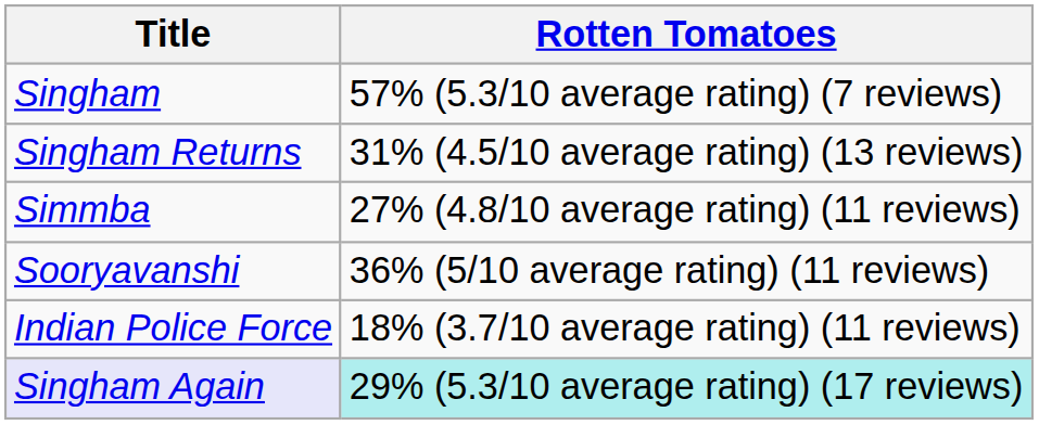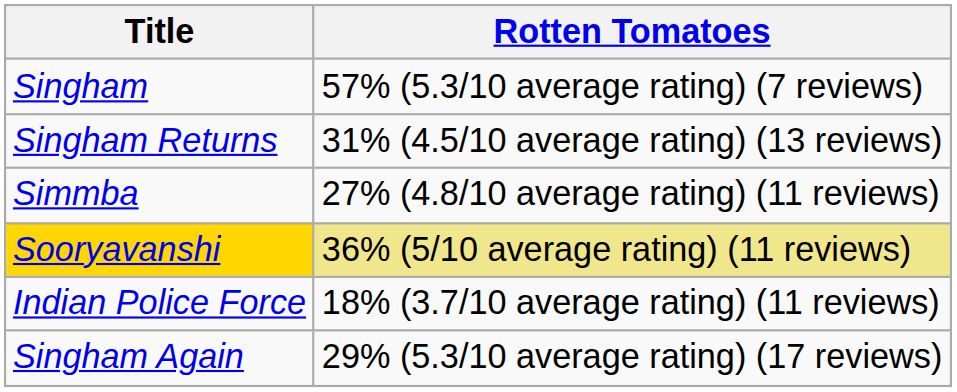 <table class="wikitable sortable">
 <tr>
 <th>Title</th>
 <th><a href='#'>Rotten Tomatoes</a></th>
 </tr>
 <tr>
 <td><em><a href='#'>Singham</a></em></td>
 <td>57% (5.3/10 average rating) (7 reviews)</td>
 </tr>
 <tr>
 <td><em><a href='#'>Singham Returns</a></em></td>
 <td>31% (4.5/10 average rating) (13 reviews)</td>
 </tr>
 <tr>
 <td><em><a href='#'>Simmba</a></em></td>
 <td>27% (4.8/10 average rating) (11 reviews)</td>
 </tr>
 <tr>
-<td><em><a href='#'>Sooryavanshi</a></em></td>
-<td>36% (5/10 average rating) (11 reviews)</td>
+<td style="background: gold;"><em><a href='#'>Sooryavanshi</a></em></td>
+<td style="background: khaki;">36% (5/10 average rating) (11 reviews)</td>
 </tr>
 <tr>
 <td><em><a href='#'>Indian Police Force</a></em></td>
 <td>18% (3.7/10 average rating) (11 reviews)</td>
 </tr>
 <tr>
-<td style="background: lavender;"><em><a href='#'>Singham Again</a></em></td>
-<td style="background: paleturquoise;">29% (5.3/10 average rating) (17 reviews)</td>
+<td><em><a href='#'>Singham Again</a></em></td>
+<td>29% (5.3/10 average rating) (17 reviews)</td>
 </tr>
 </table>
